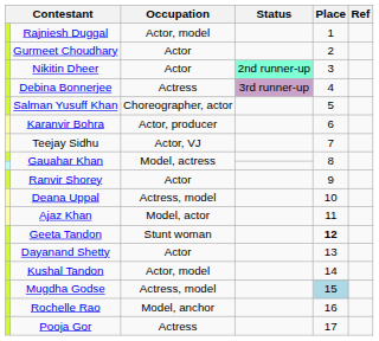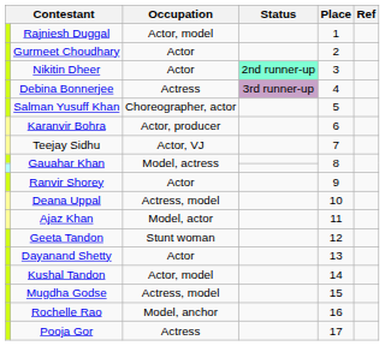 <table class="wikitable sortable" style="text-align:center;">
 <tr>
 <th colspan="2">Contestant</th>
 <th>Occupation</th>
 <th>Status</th>
 <th>Place</th>
 <th>Ref</th>
 </tr>
 <tr>
 <td style="background:#D0FF14;"></td>
 <td><a href='#'>Rajniesh Duggal</a></td>
 <td>Actor, model</td>
 <td></td>
 <td>1</td>
 <td></td>
 </tr>
 <tr>
 <td style="background:#D0FF14;"></td>
 <td><a href='#'>Gurmeet Choudhary</a></td>
 <td>Actor</td>
 <td></td>
 <td>2</td>
 <td></td>
 </tr>
 <tr>
 <td style="background:#D0FF14;"></td>
 <td><a href='#'>Nikitin Dheer</a></td>
 <td>Actor</td>
 <td bgcolor="#7FFFD4">2nd runner-up</td>
 <td>3</td>
 <td></td>
 </tr>
 <tr>
 <td style="background:#D0FF14;"></td>
 <td><a href='#'>Debina Bonnerjee</a></td>
 <td>Actress</td>
 <td bgcolor="#C8A2C8">3rd runner-up</td>
 <td>4</td>
 <td></td>
 </tr>
 <tr>
 <td style="background:#D0FF14;"></td>
 <td><a href='#'>Salman Yusuff Khan</a></td>
 <td>Choreographer, actor</td>
 <td></td>
 <td>5</td>
 <td></td>
 </tr>
 <tr>
 <td style="background:#FFFF99;"></td>
 <td><a href='#'>Karanvir Bohra</a></td>
 <td>Actor, producer</td>
 <td></td>
 <td>6</td>
 <td></td>
 </tr>
 <tr>
 <td style="background:#FFFF99;"></td>
 <td>Teejay Sidhu</td>
 <td>Actor, VJ</td>
 <td></td>
 <td>7</td>
 <td></td>
 </tr>
 <tr>
 <td style="background:#D0FF14;"></td>
 <td rowspan="2"><a href='#'>Gauahar Khan</a></td>
 <td rowspan="2">Model, actress</td>
 <td></td>
 <td rowspan="2">8</td>
 <td rowspan="2"></td>
 </tr>
 <tr>
 <td style="background:#B2FFFF;"></td>
 <td></td>
 </tr>
 <tr>
 <td style="background:#D0FF14;"></td>
 <td><a href='#'>Ranvir Shorey</a></td>
 <td>Actor</td>
 <td></td>
 <td>9</td>
 <td></td>
 </tr>
 <tr>
 <td style="background:#FFFF99;"></td>
 <td><a href='#'>Deana Uppal</a></td>
 <td>Actress, model</td>
 <td></td>
 <td>10</td>
 <td></td>
 </tr>
 <tr>
 <td style="background:#FFFF99;"></td>
 <td><a href='#'>Ajaz Khan</a></td>
 <td>Model, actor</td>
 <td></td>
 <td>11</td>
 <td></td>
 </tr>
 <tr>
 <td style="background:#D0FF14;"></td>
 <td><a href='#'>Geeta Tandon</a></td>
 <td>Stunt woman</td>
 <td></td>
-<td><strong>12</strong></td>
+<td>12</td>
 <td></td>
 </tr>
 <tr>
 <td style="background:#D0FF14;"></td>
 <td><a href='#'>Dayanand Shetty</a></td>
 <td>Actor</td>
 <td></td>
 <td>13</td>
 <td></td>
 </tr>
 <tr>
 <td style="background:#D0FF14;"></td>
 <td><a href='#'>Kushal Tandon</a></td>
 <td>Actor, model</td>
 <td></td>
 <td>14</td>
 <td></td>
 </tr>
 <tr>
 <td style="background:#D0FF14;"></td>
 <td><a href='#'>Mugdha Godse</a></td>
 <td>Actress, model</td>
 <td></td>
-<td style="background: lightblue;">15</td>
+<td>15</td>
 <td></td>
 </tr>
 <tr>
 <td style="background:#D0FF14;"></td>
 <td><a href='#'>Rochelle Rao</a></td>
 <td>Model, anchor</td>
 <td></td>
 <td>16</td>
 <td></td>
 </tr>
 <tr>
 <td style="background:#D0FF14;"></td>
 <td><a href='#'>Pooja Gor</a></td>
 <td>Actress</td>
 <td></td>
 <td>17</td>
 <td></td>
 </tr>
 </table>
